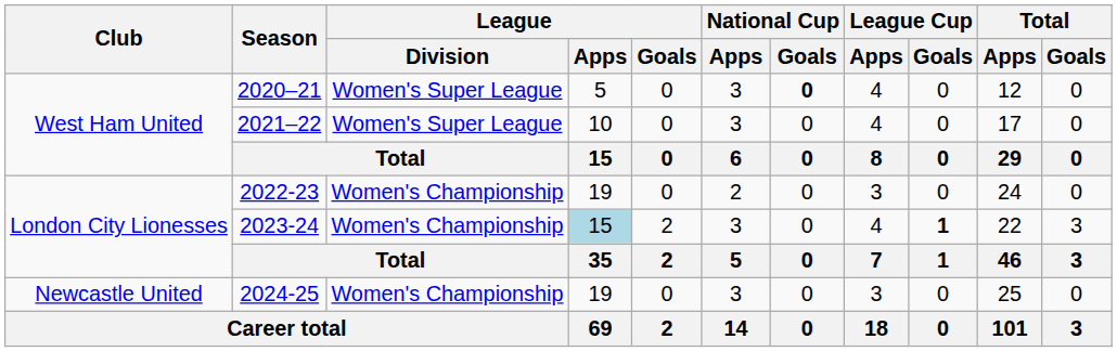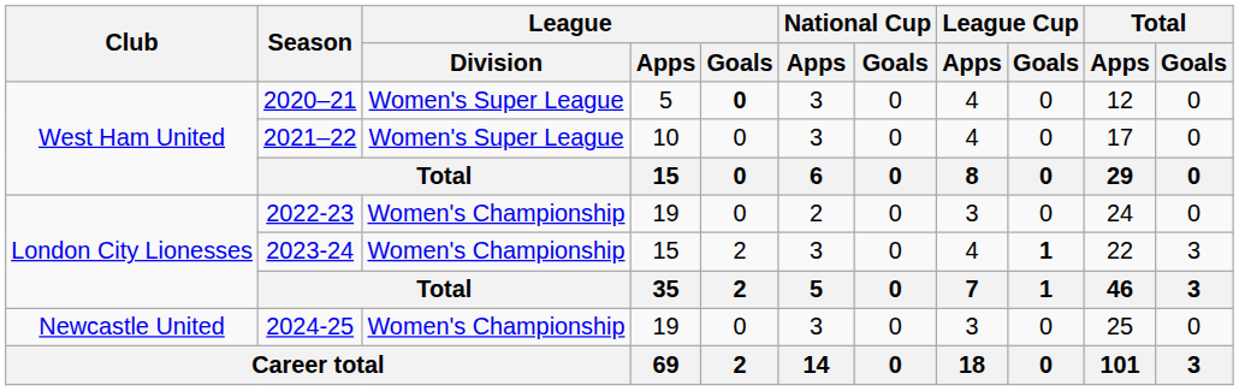 <table class="wikitable" style="text-align:center">
 <tr>
 <th rowspan="2">Club</th>
 <th rowspan="2">Season</th>
 <th colspan="3">League</th>
 <th colspan="2">National Cup</th>
 <th colspan="2">League Cup</th>
 <th colspan="2">Total</th>
 </tr>
 <tr>
 <th>Division</th>
 <th>Apps</th>
 <th>Goals</th>
 <th>Apps</th>
 <th>Goals</th>
 <th>Apps</th>
 <th>Goals</th>
 <th>Apps</th>
 <th>Goals</th>
 </tr>
 <tr>
 <td rowspan="3"><a href='#'>West Ham United</a></td>
 <td><a href='#'>2020–21</a></td>
 <td><a href='#'>Women's Super League</a></td>
 <td>5</td>
+<td><strong>0</strong></td>
+<td>3</td>
 <td>0</td>
-<td>3</td>
-<td><strong>0</strong></td>
 <td>4</td>
 <td>0</td>
 <td>12</td>
 <td>0</td>
 </tr>
 <tr>
 <td><a href='#'>2021–22</a></td>
 <td><a href='#'>Women's Super League</a></td>
 <td>10</td>
 <td>0</td>
 <td>3</td>
 <td>0</td>
 <td>4</td>
 <td>0</td>
 <td>17</td>
 <td>0</td>
 </tr>
 <tr>
 <th colspan="2">Total</th>
 <th>15</th>
 <th>0</th>
 <th>6</th>
 <th>0</th>
 <th>8</th>
 <th>0</th>
 <th>29</th>
 <th>0</th>
 </tr>
 <tr>
 <td rowspan="3"><a href='#'>London City Lionesses</a></td>
 <td><a href='#'>2022-23</a></td>
 <td><a href='#'>Women's Championship</a></td>
 <td>19</td>
 <td>0</td>
 <td>2</td>
 <td>0</td>
 <td>3</td>
 <td>0</td>
 <td>24</td>
 <td>0</td>
 </tr>
 <tr>
 <td><a href='#'>2023-24</a></td>
 <td><a href='#'>Women's Championship</a></td>
-<td style="background: lightblue;">15</td>
+<td>15</td>
 <td>2</td>
 <td>3</td>
 <td>0</td>
 <td>4</td>
 <td><strong>1</strong></td>
 <td>22</td>
 <td>3</td>
 </tr>
 <tr>
 <th colspan="2">Total</th>
 <th>35</th>
 <th>2</th>
 <th>5</th>
 <th>0</th>
 <th>7</th>
 <th>1</th>
 <th>46</th>
 <th>3</th>
 </tr>
 <tr>
 <td><a href='#'>Newcastle United</a></td>
 <td><a href='#'>2024-25</a></td>
 <td><a href='#'>Women's Championship</a></td>
 <td>19</td>
 <td>0</td>
 <td>3</td>
 <td>0</td>
 <td>3</td>
 <td>0</td>
 <td>25</td>
 <td>0</td>
 </tr>
 <tr>
 <th colspan="3">Career total</th>
 <th>69</th>
 <th>2</th>
 <th>14</th>
 <th>0</th>
 <th>18</th>
 <th>0</th>
 <th>101</th>
 <th>3</th>
 </tr>
 </table>
